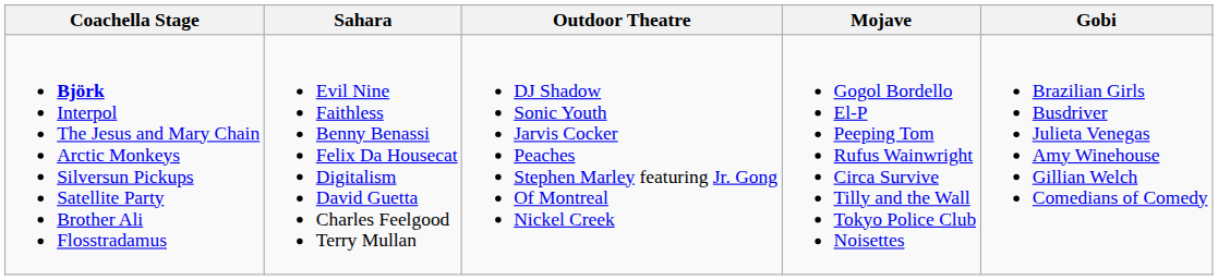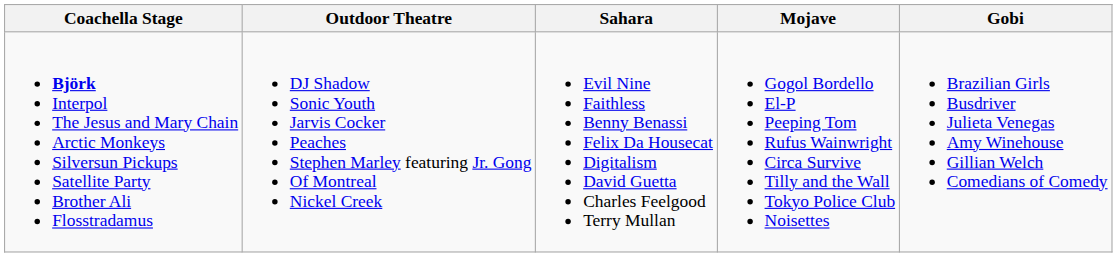 <table class="wikitable">
 <tr>
 <th>Coachella Stage</th>
+<th>Outdoor Theatre</th>
 <th>Sahara</th>
-<th>Outdoor Theatre</th>
 <th>Mojave</th>
 <th>Gobi</th>
 </tr>
 <tr valign="top">
 <td><br><ul><li><strong><a href='#'>Björk</a></strong></li><li><a href='#'>Interpol</a></li><li><a href='#'>The Jesus and Mary Chain</a></li><li><a href='#'>Arctic Monkeys</a></li><li><a href='#'>Silversun Pickups</a></li><li><a href='#'>Satellite Party</a></li><li><a href='#'>Brother Ali</a></li><li><a href='#'>Flosstradamus</a></li></ul></td>
+<td><br><ul><li><a href='#'>DJ Shadow</a></li><li><a href='#'>Sonic Youth</a></li><li><a href='#'>Jarvis Cocker</a></li><li><a href='#'>Peaches</a></li><li><a href='#'>Stephen Marley</a> featuring <a href='#'>Jr. Gong</a></li><li><a href='#'>Of Montreal</a></li><li><a href='#'>Nickel Creek</a></li></ul></td>
 <td><br><ul><li><a href='#'>Evil Nine</a></li><li><a href='#'>Faithless</a></li><li><a href='#'>Benny Benassi</a></li><li><a href='#'>Felix Da Housecat</a></li><li><a href='#'>Digitalism</a></li><li><a href='#'>David Guetta</a></li><li>Charles Feelgood</li><li>Terry Mullan</li></ul></td>
-<td><br><ul><li><a href='#'>DJ Shadow</a></li><li><a href='#'>Sonic Youth</a></li><li><a href='#'>Jarvis Cocker</a></li><li><a href='#'>Peaches</a></li><li><a href='#'>Stephen Marley</a> featuring <a href='#'>Jr. Gong</a></li><li><a href='#'>Of Montreal</a></li><li><a href='#'>Nickel Creek</a></li></ul></td>
 <td><br><ul><li><a href='#'>Gogol Bordello</a></li><li><a href='#'>El-P</a></li><li><a href='#'>Peeping Tom</a></li><li><a href='#'>Rufus Wainwright</a></li><li><a href='#'>Circa Survive</a></li><li><a href='#'>Tilly and the Wall</a></li><li><a href='#'>Tokyo Police Club</a></li><li><a href='#'>Noisettes</a></li></ul></td>
 <td><br><ul><li><a href='#'>Brazilian Girls</a></li><li><a href='#'>Busdriver</a></li><li><a href='#'>Julieta Venegas</a></li><li><a href='#'>Amy Winehouse</a></li><li><a href='#'>Gillian Welch</a></li><li><a href='#'>Comedians of Comedy</a></li></ul></td>
 </tr>
 </table>
